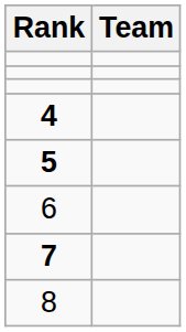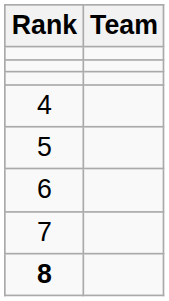 <table class="wikitable">
 <tr>
 <th style="width: 40px;">Rank</th>
 <th>Team</th>
 </tr>
 <tr>
 <td style="text-align: center;"></td>
 <td></td>
 </tr>
 <tr>
 <td style="text-align: center;"></td>
 <td></td>
 </tr>
 <tr>
 <td style="text-align: center;"></td>
 <td></td>
 </tr>
 <tr>
-<td style="text-align: center;"><strong>4</strong></td>
+<td style="text-align: center;">4</td>
 <td></td>
 </tr>
 <tr>
-<td style="text-align: center;"><strong>5</strong></td>
+<td style="text-align: center;">5</td>
 <td></td>
 </tr>
 <tr>
 <td style="text-align: center;">6</td>
 <td></td>
 </tr>
 <tr>
-<td style="text-align: center;"><strong>7</strong></td>
+<td style="text-align: center;">7</td>
 <td></td>
 </tr>
 <tr>
-<td style="text-align: center;">8</td>
+<td style="text-align: center;"><strong>8</strong></td>
 <td></td>
 </tr>
 </table>
